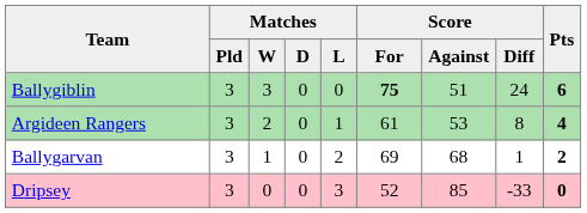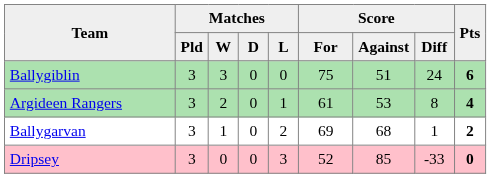 <table style=border-collapse:collapse border=1 cellspacing=0 cellpadding=5>
 <tr align=center bgcolor=#efefef>
 <th rowspan=2 width=165>Team</th>
 <th colspan=4>Matches</th>
 <th colspan=3>Score</th>
 <th rowspan=2width=20>Pts</th>
 </tr>
 <tr align=center bgcolor=#efefef>
 <th width=20>Pld</th>
 <th width=20>W</th>
 <th width=20>D</th>
 <th width=20>L</th>
 <th width=45>For</th>
 <th width=45>Against</th>
 <th width=30>Diff</th>
 </tr>
 <tr align=center style="background:#ACE1AF;">
 <td style="text-align:left;"><a href='#'>Ballygiblin</a></td>
 <td>3</td>
 <td>3</td>
 <td>0</td>
 <td>0</td>
-<td><strong>75</strong></td>
+<td>75</td>
 <td>51</td>
 <td>24</td>
 <td><strong>6</strong></td>
 </tr>
 <tr align=center style="background:#ACE1AF;">
 <td style="text-align:left;"><a href='#'>Argideen Rangers</a></td>
 <td>3</td>
 <td>2</td>
 <td>0</td>
 <td>1</td>
 <td>61</td>
 <td>53</td>
 <td>8</td>
 <td><strong>4</strong></td>
 </tr>
 <tr align=center>
 <td style="text-align:left;"><a href='#'>Ballygarvan</a></td>
 <td>3</td>
 <td>1</td>
 <td>0</td>
 <td>2</td>
 <td>69</td>
 <td>68</td>
 <td>1</td>
 <td><strong>2</strong></td>
 </tr>
 <tr align=center style="background:#FFC0CB;">
 <td style="text-align:left;"><a href='#'>Dripsey</a></td>
 <td>3</td>
 <td>0</td>
 <td>0</td>
 <td>3</td>
 <td>52</td>
 <td>85</td>
 <td>-33</td>
 <td><strong>0</strong></td>
 </tr>
 </table>
